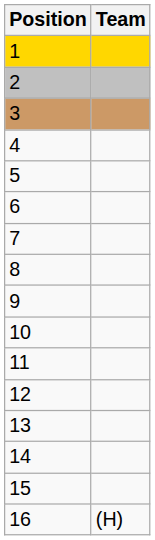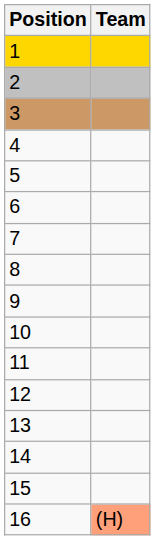 <table class="wikitable">
 <tr>
 <th>Position</th>
 <th>Team</th>
 </tr>
 <tr style="background:gold;">
 <td>1</td>
 <td></td>
 </tr>
 <tr style="background:silver;">
 <td>2</td>
 <td></td>
 </tr>
 <tr style="background:#cc9966;">
 <td>3</td>
 <td></td>
 </tr>
 <tr>
 <td>4</td>
 <td></td>
 </tr>
 <tr>
 <td>5</td>
 <td></td>
 </tr>
 <tr>
 <td>6</td>
 <td></td>
 </tr>
 <tr>
 <td>7</td>
 <td></td>
 </tr>
 <tr>
 <td>8</td>
 <td></td>
 </tr>
 <tr>
 <td>9</td>
 <td></td>
 </tr>
 <tr>
 <td>10</td>
 <td></td>
 </tr>
 <tr>
 <td>11</td>
 <td></td>
 </tr>
 <tr>
 <td>12</td>
 <td></td>
 </tr>
 <tr>
 <td>13</td>
 <td></td>
 </tr>
 <tr>
 <td>14</td>
 <td></td>
 </tr>
 <tr>
 <td>15</td>
 <td></td>
 </tr>
 <tr>
 <td>16</td>
-<td> (H)</td>
+<td style="background: lightsalmon;"> (H)</td>
 </tr>
 </table>
